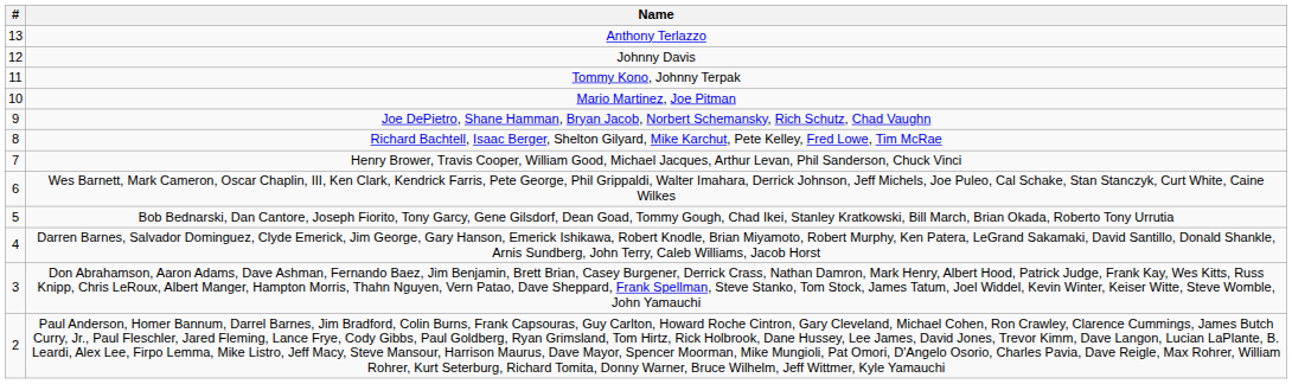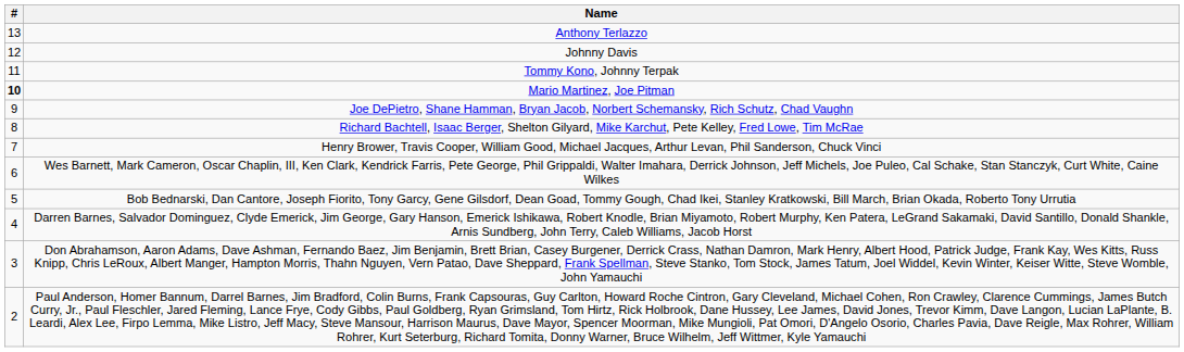 <table class = "wikitable" style="text-align:center;">
 <tr>
 <th>#</th>
 <th>Name</th>
 </tr>
 <tr>
 <td>13</td>
 <td><a href='#'>Anthony Terlazzo</a></td>
 </tr>
 <tr>
 <td>12</td>
 <td>Johnny Davis</td>
 </tr>
 <tr>
 <td>11</td>
 <td><a href='#'>Tommy Kono</a>, Johnny Terpak</td>
 </tr>
 <tr>
-<td>10</td>
+<td><strong>10</strong></td>
 <td><a href='#'>Mario Martinez</a>, <a href='#'>Joe Pitman</a></td>
 </tr>
 <tr>
 <td>9</td>
 <td><a href='#'>Joe DePietro</a>, <a href='#'>Shane Hamman</a>, <a href='#'>Bryan Jacob</a>, <a href='#'>Norbert Schemansky</a>, <a href='#'>Rich Schutz</a>, <a href='#'>Chad Vaughn</a></td>
 </tr>
 <tr>
 <td>8</td>
 <td><a href='#'>Richard Bachtell</a>, <a href='#'>Isaac Berger</a>, Shelton Gilyard, <a href='#'>Mike Karchut</a>, Pete Kelley, <a href='#'>Fred Lowe</a>, <a href='#'>Tim McRae</a></td>
 </tr>
 <tr>
 <td>7</td>
 <td>Henry Brower, Travis Cooper, William Good, Michael Jacques, Arthur Levan, Phil Sanderson, Chuck Vinci</td>
 </tr>
 <tr>
 <td>6</td>
 <td>Wes Barnett, Mark Cameron, Oscar Chaplin, III, Ken Clark, Kendrick Farris, Pete George, Phil Grippaldi, Walter Imahara, Derrick Johnson, Jeff Michels, Joe Puleo, Cal Schake, Stan Stanczyk, Curt White, Caine Wilkes</td>
 </tr>
 <tr>
 <td>5</td>
 <td>Bob Bednarski, Dan Cantore, Joseph Fiorito, Tony Garcy, Gene Gilsdorf, Dean Goad, Tommy Gough, Chad Ikei, Stanley Kratkowski, Bill March, Brian Okada, Roberto Tony Urrutia</td>
 </tr>
 <tr>
 <td>4</td>
 <td>Darren Barnes, Salvador Dominguez, Clyde Emerick, Jim George, Gary Hanson, Emerick Ishikawa, Robert Knodle, Brian Miyamoto, Robert Murphy, Ken Patera, LeGrand Sakamaki, David Santillo, Donald Shankle, Arnis Sundberg, John Terry, Caleb Williams, Jacob Horst</td>
 </tr>
 <tr>
 <td>3</td>
 <td>Don Abrahamson, Aaron Adams, Dave Ashman, Fernando Baez, Jim Benjamin, Brett Brian, Casey Burgener, Derrick Crass, Nathan Damron, Mark Henry, Albert Hood, Patrick Judge, Frank Kay, Wes Kitts, Russ Knipp, Chris LeRoux, Albert Manger, Hampton Morris, Thahn Nguyen, Vern Patao, Dave Sheppard, <a href='#'>Frank Spellman</a>, Steve Stanko, Tom Stock, James Tatum, Joel Widdel, Kevin Winter, Keiser Witte, Steve Womble, John Yamauchi</td>
 </tr>
 <tr>
 <td>2</td>
 <td>Paul Anderson, Homer Bannum, Darrel Barnes, Jim Bradford, Colin Burns, Frank Capsouras, Guy Carlton, Howard Roche Cintron, Gary Cleveland, Michael Cohen, Ron Crawley, Clarence Cummings, James Butch Curry, Jr., Paul Fleschler, Jared Fleming, Lance Frye, Cody Gibbs, Paul Goldberg, Ryan Grimsland, Tom Hirtz, Rick Holbrook, Dane Hussey, Lee James, David Jones, Trevor Kimm, Dave Langon, Lucian LaPlante, B. Leardi, Alex Lee, Firpo Lemma, Mike Listro, Jeff Macy, Steve Mansour, Harrison Maurus, Dave Mayor, Spencer Moorman, Mike Mungioli, Pat Omori, D'Angelo Osorio, Charles Pavia, Dave Reigle, Max Rohrer, William Rohrer, Kurt Seterburg, Richard Tomita, Donny Warner, Bruce Wilhelm, Jeff Wittmer, Kyle Yamauchi</td>
 </tr>
 </table>
